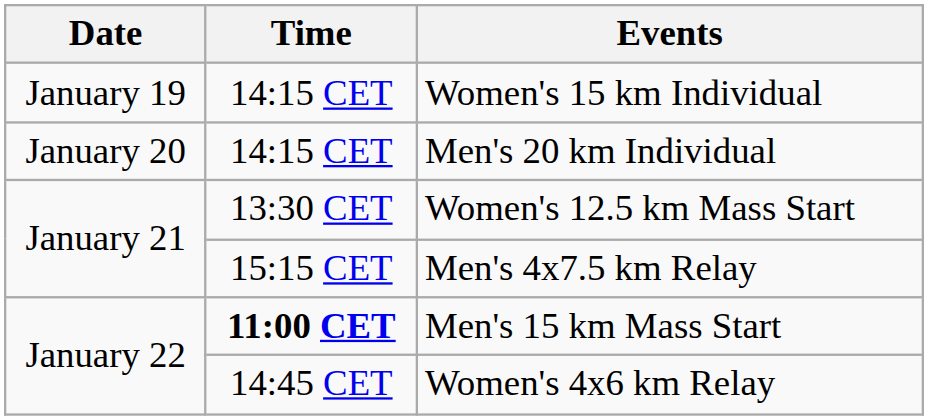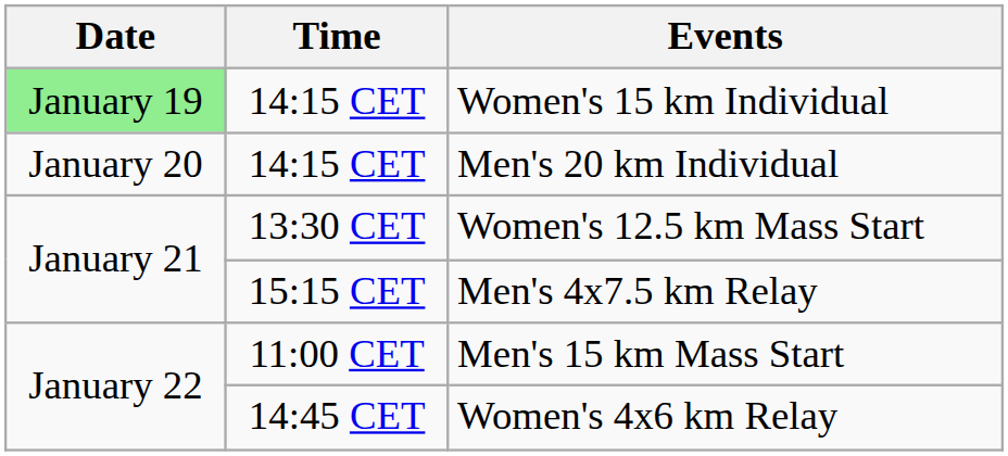 <table class="wikitable" style="text-align: center" width="400">
 <tr>
 <th>Date</th>
 <th>Time</th>
 <th>Events</th>
 </tr>
 <tr>
-<td>January 19</td>
+<td style="background: lightgreen;">January 19</td>
 <td>14:15 <a href='#'>CET</a></td>
 <td style="text-align: left">Women's 15 km Individual</td>
 </tr>
 <tr>
 <td>January 20</td>
 <td>14:15 <a href='#'>CET</a></td>
 <td style="text-align: left">Men's 20 km Individual</td>
 </tr>
 <tr>
 <td rowspan=2>January 21</td>
 <td>13:30 <a href='#'>CET</a></td>
 <td style="text-align: left">Women's 12.5 km Mass Start</td>
 </tr>
 <tr>
 <td>15:15 <a href='#'>CET</a></td>
 <td style="text-align: left">Men's 4x7.5 km Relay</td>
 </tr>
 <tr>
 <td rowspan=2>January 22</td>
-<td><strong>11:00 <a href='#'>CET</a></strong></td>
+<td>11:00 <a href='#'>CET</a></td>
 <td style="text-align: left">Men's 15 km Mass Start</td>
 </tr>
 <tr>
 <td>14:45 <a href='#'>CET</a></td>
 <td style="text-align: left">Women's 4x6 km Relay</td>
 </tr>
 </table>
